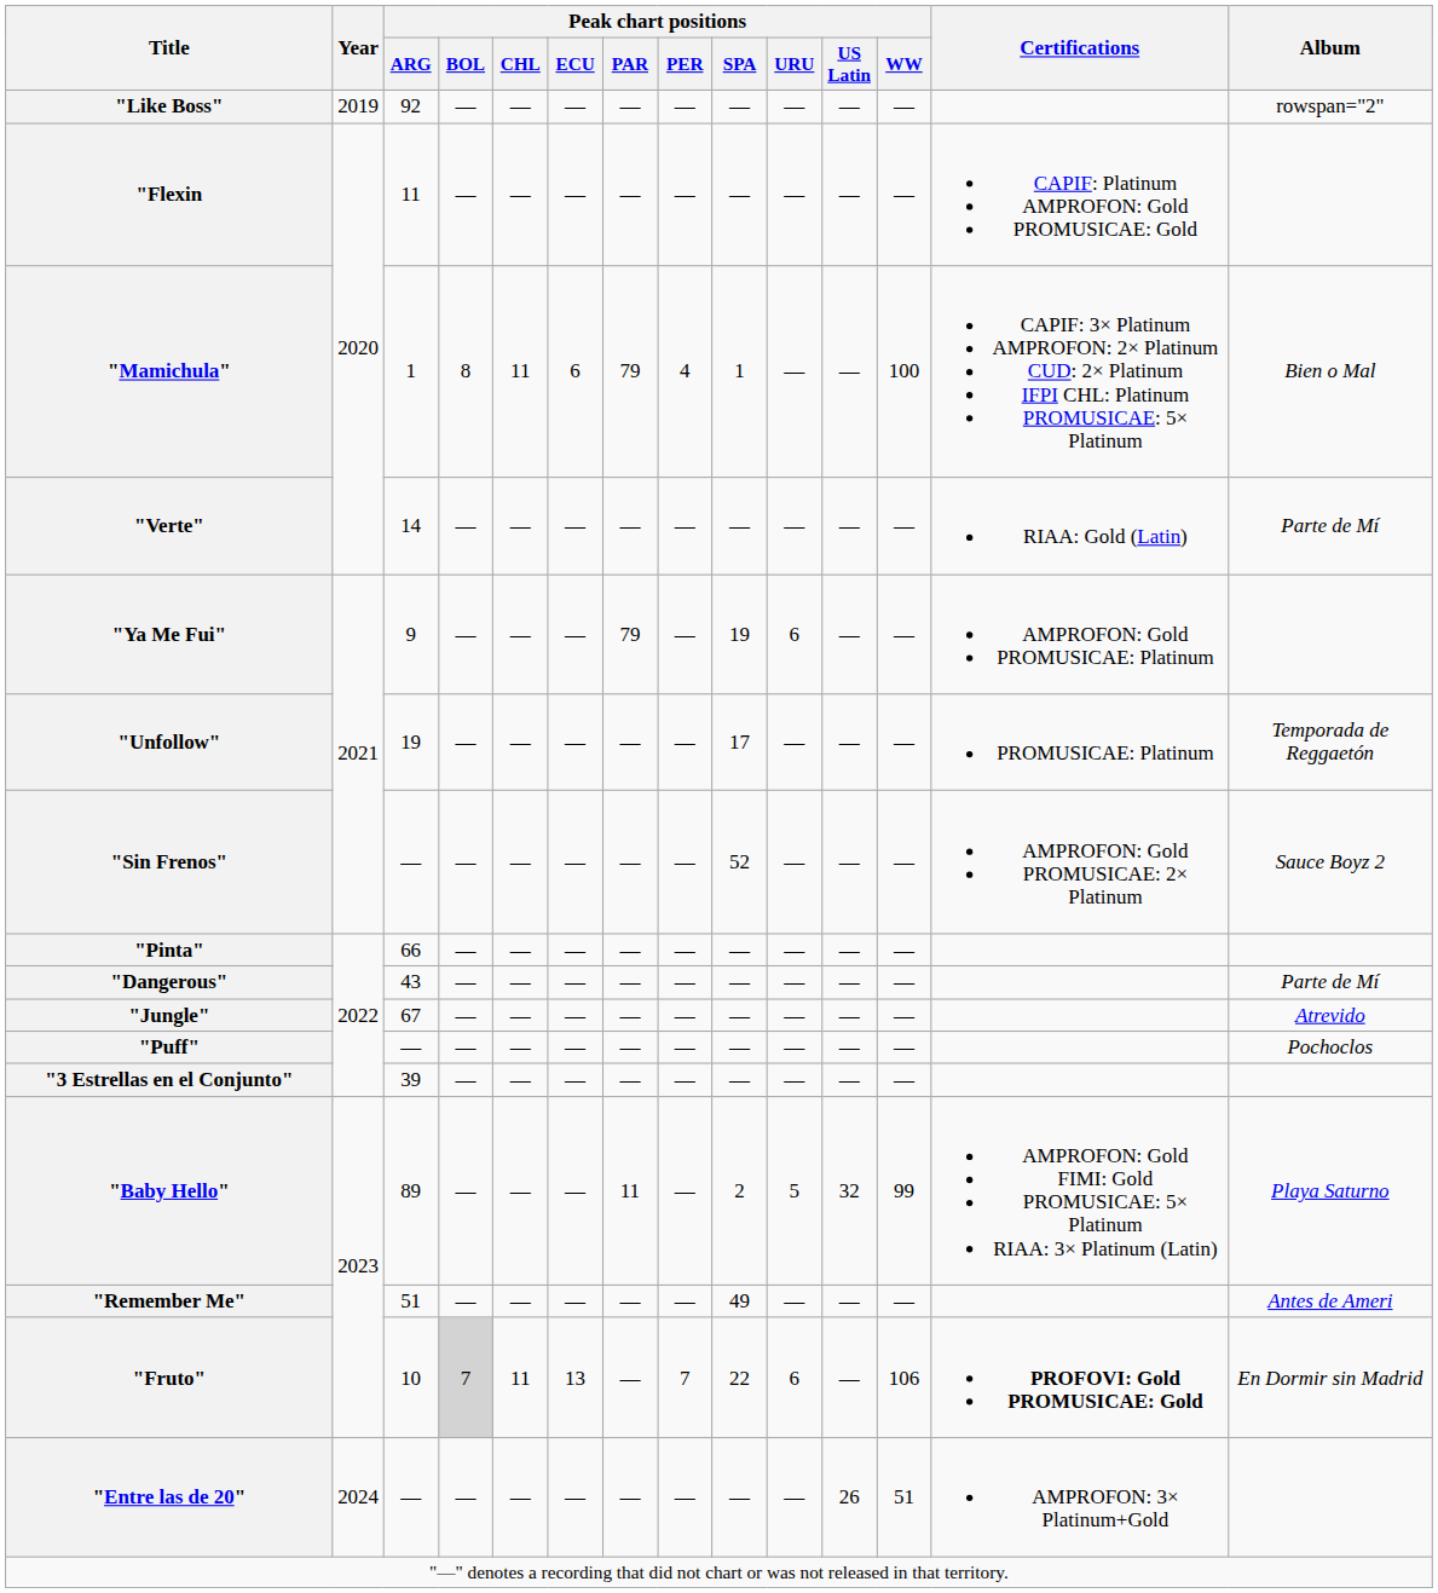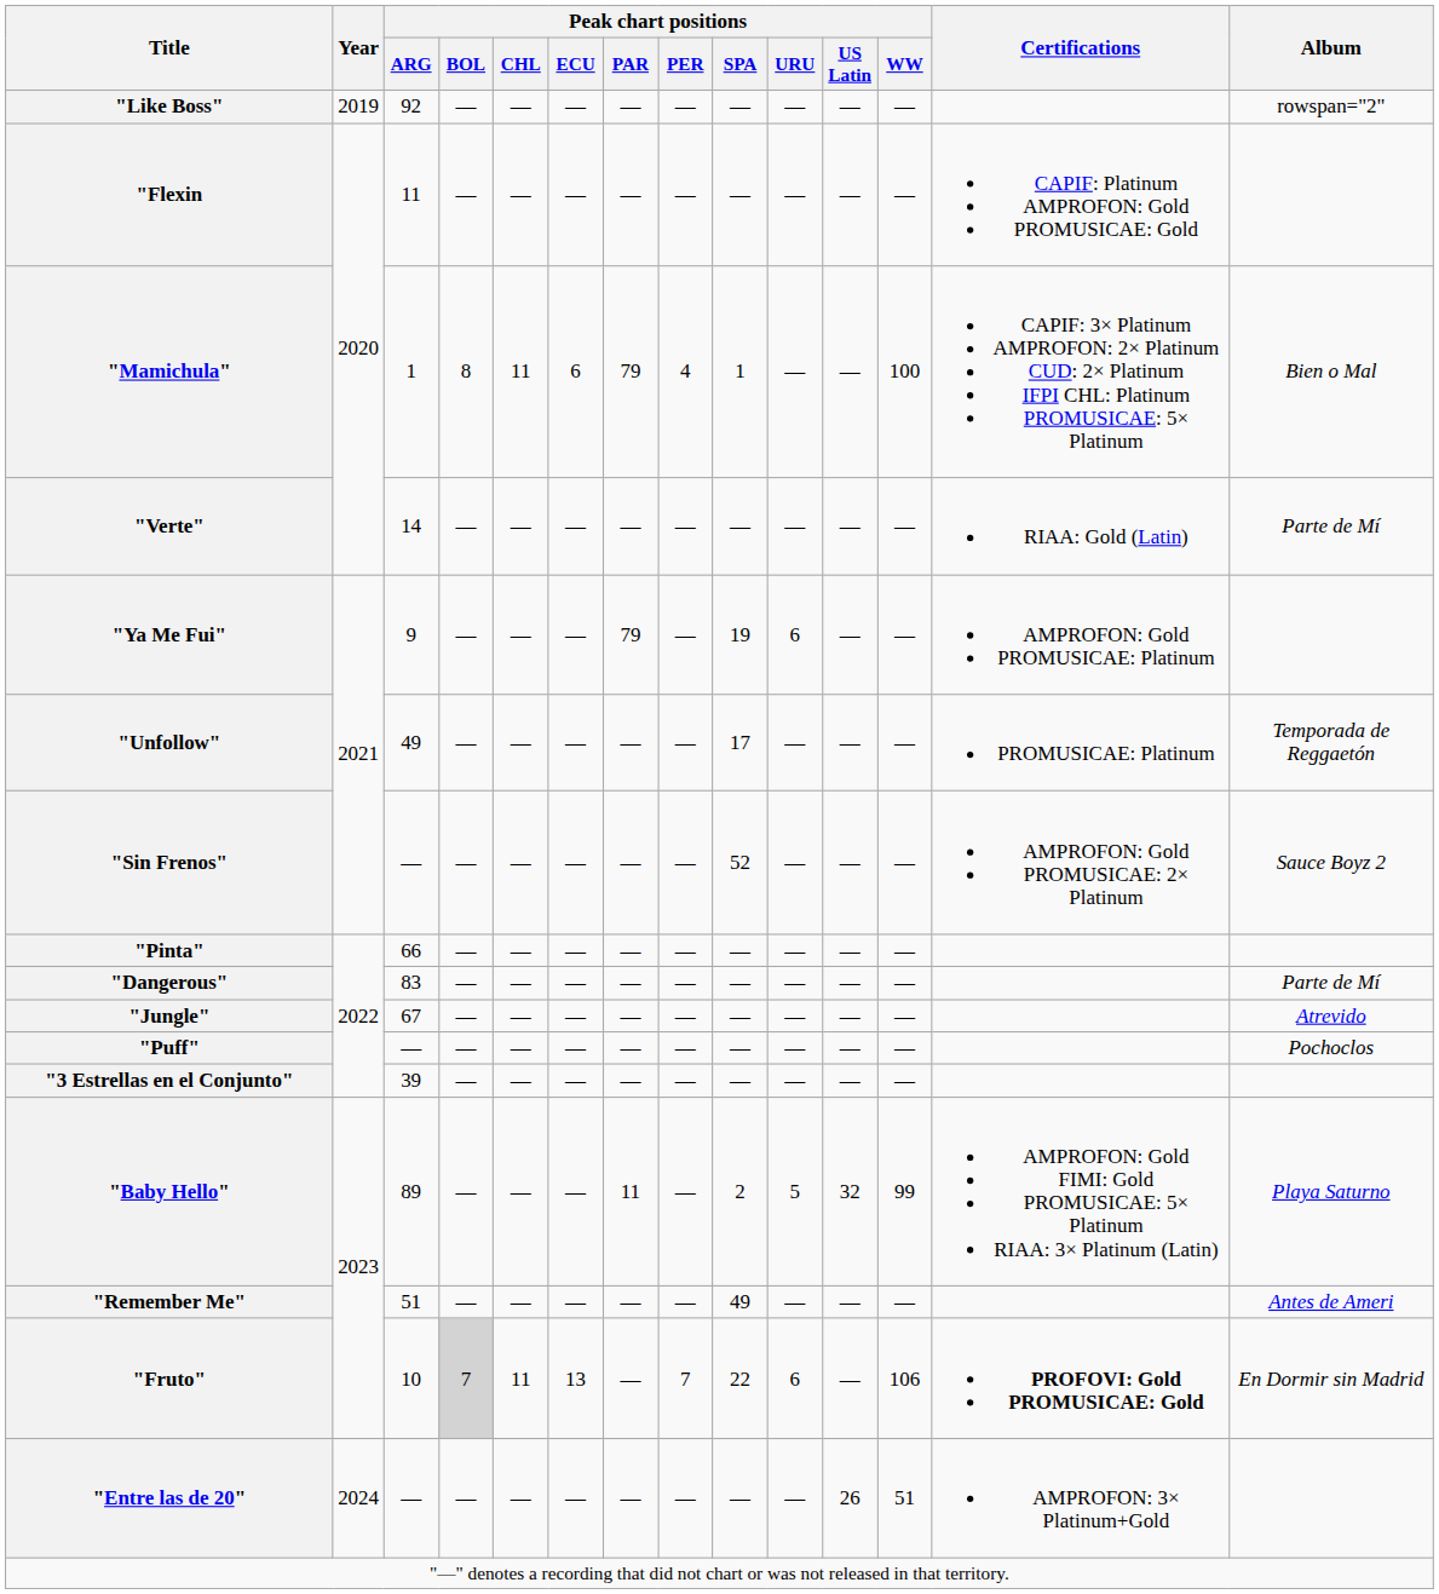 <table class="wikitable plainrowheaders" style="text-align:center;">
 <tr>
 <th scope="col" rowspan="2" style="width:15.5em;">Title</th>
 <th scope="col" rowspan="2" style="width:1em;">Year</th>
 <th scope="col" colspan="10">Peak chart positions</th>
 <th scope="col" rowspan="2" style="width:14em;"><a href='#'>Certifications</a></th>
 <th scope="col" rowspan="2" style="width:9.5em;">Album</th>
 </tr>
 <tr>
 <th scope="col" style="width:2.5em;font-size:90%;"><a href='#'>ARG</a><br></th>
 <th scope="col" style="width:2.5em;font-size:90%;"><a href='#'>BOL</a><br></th>
 <th scope="col" style="width:2.5em;font-size:90%;"><a href='#'>CHL</a><br></th>
 <th scope="col" style="width:2.5em;font-size:90%;"><a href='#'>ECU</a><br></th>
 <th scope="col" style="width:2.5em;font-size:90%;"><a href='#'>PAR</a><br></th>
 <th scope="col" style="width:2.5em;font-size:90%;"><a href='#'>PER</a><br></th>
 <th scope="col" style="width:2.5em;font-size:90%;"><a href='#'>SPA</a><br></th>
 <th scope="col" style="width:2.5em;font-size:90%;"><a href='#'>URU</a><br></th>
 <th scope="col" style="width:2.5em;font-size:90%;"><a href='#'>US<br>Latin</a><br></th>
 <th scope="col" style="width:2.5em;font-size:90%;"><a href='#'>WW</a><br></th>
 </tr>
 <tr>
 <th scope="row">"Like Boss"<br></th>
 <td>2019</td>
 <td>92</td>
 <td>—</td>
 <td>—</td>
 <td>—</td>
 <td>—</td>
 <td>—</td>
 <td>—</td>
 <td>—</td>
 <td>—</td>
 <td>—</td>
 <td></td>
 <td>rowspan="2" </td>
 </tr>
 <tr>
 <th scope="row">"Flexin<br></th>
 <td rowspan="3">2020</td>
 <td>11</td>
 <td>—</td>
 <td>—</td>
 <td>—</td>
 <td>—</td>
 <td>—</td>
 <td>—</td>
 <td>—</td>
 <td>—</td>
 <td>—</td>
 <td><br><ul><li><a href='#'>CAPIF</a>: Platinum</li><li>AMPROFON: Gold</li><li>PROMUSICAE: Gold</li></ul></td>
 </tr>
 <tr>
 <th scope="row">"<a href='#'>Mamichula</a>"<br></th>
 <td>1</td>
 <td>8</td>
 <td>11</td>
 <td>6</td>
 <td>79</td>
 <td>4</td>
 <td>1</td>
 <td>—</td>
 <td>—</td>
 <td>100</td>
 <td><br><ul><li>CAPIF: 3× Platinum</li><li>AMPROFON: 2× Platinum</li><li><a href='#'>CUD</a>: 2× Platinum</li><li><a href='#'>IFPI</a> CHL: Platinum</li><li><a href='#'>PROMUSICAE</a>: 5× Platinum</li></ul></td>
 <td><em>Bien o Mal</em></td>
 </tr>
 <tr>
 <th scope="row">"Verte"<br></th>
 <td>14</td>
 <td>—</td>
 <td>—</td>
 <td>—</td>
 <td>—</td>
 <td>—</td>
 <td>—</td>
 <td>—</td>
 <td>—</td>
 <td>—</td>
 <td><br><ul><li>RIAA: Gold (<a href='#'>Latin</a>)</li></ul></td>
 <td><em>Parte de Mí</em></td>
 </tr>
 <tr>
 <th scope="row">"Ya Me Fui"<br></th>
 <td rowspan="3">2021</td>
 <td>9</td>
 <td>—</td>
 <td>—</td>
 <td>—</td>
 <td>79</td>
 <td>—</td>
 <td>19</td>
 <td>6</td>
 <td>—</td>
 <td>—</td>
 <td><br><ul><li>AMPROFON: Gold</li><li>PROMUSICAE: Platinum</li></ul></td>
 <td></td>
 </tr>
 <tr>
 <th scope="row">"Unfollow"<br></th>
-<td>19</td>
+<td>49</td>
 <td>—</td>
 <td>—</td>
 <td>—</td>
 <td>—</td>
 <td>—</td>
 <td>17</td>
 <td>—</td>
 <td>—</td>
 <td>—</td>
 <td><br><ul><li>PROMUSICAE: Platinum</li></ul></td>
 <td><em>Temporada de Reggaetón</em></td>
 </tr>
 <tr>
 <th scope="row">"Sin Frenos"<br></th>
 <td>—</td>
 <td>—</td>
 <td>—</td>
 <td>—</td>
 <td>—</td>
 <td>—</td>
 <td>52</td>
 <td>—</td>
 <td>—</td>
 <td>—</td>
 <td><br><ul><li>AMPROFON: Gold</li><li>PROMUSICAE: 2× Platinum</li></ul></td>
 <td><em>Sauce Boyz 2</em></td>
 </tr>
 <tr>
 <th scope="row">"Pinta"<br></th>
 <td rowspan="5">2022</td>
 <td>66</td>
 <td>—</td>
 <td>—</td>
 <td>—</td>
 <td>—</td>
 <td>—</td>
 <td>—</td>
 <td>—</td>
 <td>—</td>
 <td>—</td>
 <td></td>
 <td></td>
 </tr>
 <tr>
 <th scope="row">"Dangerous"<br></th>
-<td>43</td>
+<td>83</td>
 <td>—</td>
 <td>—</td>
 <td>—</td>
 <td>—</td>
 <td>—</td>
 <td>—</td>
 <td>—</td>
 <td>—</td>
 <td>—</td>
 <td></td>
 <td><em>Parte de Mí</em></td>
 </tr>
 <tr>
 <th scope="row">"Jungle"<br></th>
 <td>67</td>
 <td>—</td>
 <td>—</td>
 <td>—</td>
 <td>—</td>
 <td>—</td>
 <td>—</td>
 <td>—</td>
 <td>—</td>
 <td>—</td>
 <td></td>
 <td><em><a href='#'>Atrevido</a></em></td>
 </tr>
 <tr>
 <th scope="row">"Puff"<br></th>
 <td>—</td>
 <td>—</td>
 <td>—</td>
 <td>—</td>
 <td>—</td>
 <td>—</td>
 <td>—</td>
 <td>—</td>
 <td>—</td>
 <td>—</td>
 <td></td>
 <td><em>Pochoclos</em></td>
 </tr>
 <tr>
 <th scope="row">"3 Estrellas en el Conjunto"<br></th>
 <td>39</td>
 <td>—</td>
 <td>—</td>
 <td>—</td>
 <td>—</td>
 <td>—</td>
 <td>—</td>
 <td>—</td>
 <td>—</td>
 <td>—</td>
 <td></td>
 <td></td>
 </tr>
 <tr>
 <th scope="row">"<a href='#'>Baby Hello</a>"<br></th>
 <td rowspan="3">2023</td>
 <td>89</td>
 <td>—</td>
 <td>—</td>
 <td>—</td>
 <td>11</td>
 <td>—</td>
 <td>2</td>
 <td>5</td>
 <td>32</td>
 <td>99</td>
 <td><br><ul><li>AMPROFON: Gold</li><li>FIMI: Gold</li><li>PROMUSICAE: 5× Platinum</li><li>RIAA: 3× Platinum (Latin)</li></ul></td>
 <td><em><a href='#'>Playa Saturno</a></em></td>
 </tr>
 <tr>
 <th scope="row">"Remember Me"<br></th>
 <td>51</td>
 <td>—</td>
 <td>—</td>
 <td>—</td>
 <td>—</td>
 <td>—</td>
 <td>49</td>
 <td>—</td>
 <td>—</td>
 <td>—</td>
 <td></td>
 <td><em><a href='#'>Antes de Ameri</a></em></td>
 </tr>
 <tr>
 <th scope="row">"Fruto"<br></th>
 <td>10</td>
 <td style="background: lightgrey;">7</td>
 <td>11</td>
 <td>13</td>
 <td>—</td>
 <td>7</td>
 <td>22</td>
 <td>6</td>
 <td>—</td>
 <td>106</td>
 <td><strong><br><ul><li>PROFOVI: Gold</li><li>PROMUSICAE: Gold</li></ul></strong></td>
 <td><em>En Dormir sin Madrid</em></td>
 </tr>
 <tr>
 <th scope="row">"<a href='#'>Entre las de 20</a>"<br></th>
 <td>2024</td>
 <td>—</td>
 <td>—</td>
 <td>—</td>
 <td>—</td>
 <td>—</td>
 <td>—</td>
 <td>—</td>
 <td>—</td>
 <td>26</td>
 <td>51</td>
 <td><br><ul><li>AMPROFON: 3× Platinum+Gold</li></ul></td>
 <td></td>
 </tr>
 <tr>
 <td colspan="15" style="font-size:90%">"—" denotes a recording that did not chart or was not released in that territory.</td>
 </tr>
 </table>
